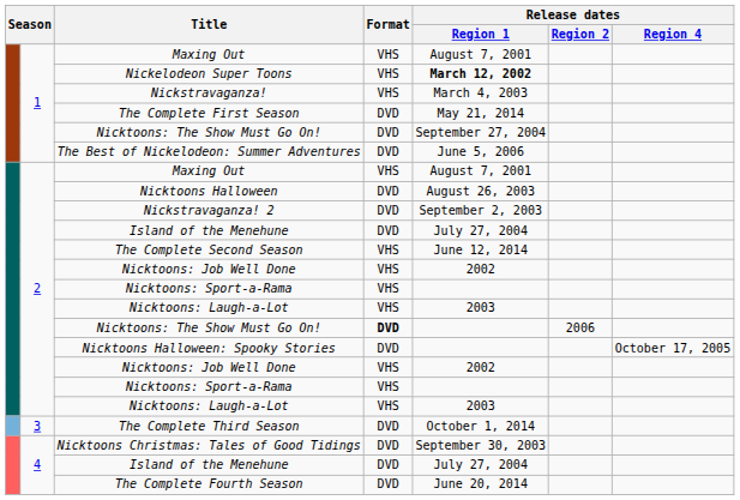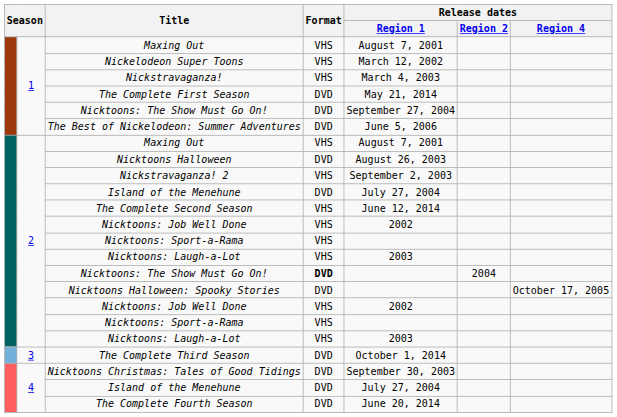 <table class="wikitable sortable" style="text-align:center">
 <tr>
 <th colspan=2 rowspan=2>Season</th>
 <th rowspan=2>Title</th>
 <th rowspan=2>Format</th>
 <th colspan=3>Release dates</th>
 </tr>
 <tr>
 <th><a href='#'>Region 1</a></th>
 <th><a href='#'>Region 2</a></th>
 <th><a href='#'>Region 4</a></th>
 </tr>
 <tr>
 <th rowspan="6" style="background:#9C380C"></th>
 <td rowspan="6"><a href='#'>1</a></td>
 <td><em>Maxing Out</em></td>
 <td>VHS</td>
 <td>August 7, 2001</td>
 <td></td>
 <td></td>
 </tr>
 <tr>
 <td><em>Nickelodeon Super Toons</em></td>
 <td>VHS</td>
-<td><strong>March 12, 2002</strong></td>
+<td>March 12, 2002</td>
 <td></td>
 <td></td>
 </tr>
 <tr>
 <td><em>Nickstravaganza!</em></td>
 <td>VHS</td>
 <td>March 4, 2003</td>
 <td></td>
 <td></td>
 </tr>
 <tr>
 <td><em>The Complete First Season</em></td>
 <td>DVD</td>
 <td>May 21, 2014</td>
 <td></td>
 <td></td>
 </tr>
 <tr>
 <td><em>Nicktoons: The Show Must Go On!</em></td>
 <td>DVD</td>
 <td>September 27, 2004</td>
 <td></td>
 <td></td>
 </tr>
 <tr>
 <td><em>The Best of Nickelodeon: Summer Adventures</em></td>
 <td>DVD</td>
 <td>June 5, 2006</td>
 <td></td>
 <td></td>
 </tr>
 <tr>
 <th rowspan="13" style="background:#006161"></th>
 <td rowspan="13"><a href='#'>2</a></td>
 <td><em>Maxing Out</em></td>
 <td>VHS</td>
 <td>August 7, 2001</td>
 <td></td>
 <td></td>
 </tr>
 <tr>
 <td><em>Nicktoons Halloween</em></td>
 <td>DVD</td>
 <td>August 26, 2003</td>
 <td></td>
 <td></td>
 </tr>
 <tr>
 <td><em>Nickstravaganza! 2</em></td>
-<td>DVD</td>
+<td>VHS</td>
 <td>September 2, 2003</td>
 <td></td>
 <td></td>
 </tr>
 <tr>
 <td><em>Island of the Menehune</em></td>
 <td>DVD</td>
 <td>July 27, 2004</td>
 <td></td>
 <td></td>
 </tr>
 <tr>
 <td><em>The Complete Second Season</em></td>
 <td>VHS</td>
 <td>June 12, 2014</td>
 <td></td>
 <td></td>
 </tr>
 <tr>
 <td><em>Nicktoons: Job Well Done</em></td>
 <td>VHS</td>
 <td>2002</td>
 <td></td>
 <td></td>
 </tr>
 <tr>
 <td><em>Nicktoons: Sport-a-Rama</em></td>
 <td>VHS</td>
 <td></td>
 <td></td>
 <td></td>
 </tr>
 <tr>
 <td><em>Nicktoons: Laugh-a-Lot</em></td>
 <td>VHS</td>
 <td>2003</td>
 <td></td>
 <td></td>
 </tr>
 <tr>
 <td><em>Nicktoons: The Show Must Go On!</em></td>
 <td><strong>DVD</strong></td>
 <td></td>
-<td>2006</td>
+<td>2004</td>
 <td></td>
 </tr>
 <tr>
 <td><em>Nicktoons Halloween: Spooky Stories</em></td>
 <td>DVD</td>
 <td></td>
 <td></td>
 <td>October 17, 2005</td>
 </tr>
 <tr>
 <td><em>Nicktoons: Job Well Done</em></td>
 <td>VHS</td>
 <td>2002</td>
 <td></td>
 <td></td>
 </tr>
 <tr>
 <td><em>Nicktoons: Sport-a-Rama</em></td>
 <td>VHS</td>
 <td></td>
 <td></td>
 <td></td>
 </tr>
 <tr>
 <td><em>Nicktoons: Laugh-a-Lot</em></td>
 <td>VHS</td>
 <td>2003</td>
 <td></td>
 <td></td>
 </tr>
 <tr>
 <th style="background:#73B1DA"></th>
 <td><a href='#'>3</a></td>
 <td><em>The Complete Third Season</em></td>
 <td>DVD</td>
 <td>October 1, 2014</td>
 <td></td>
 <td></td>
 </tr>
 <tr>
 <th rowspan="3" style="background:#FF5F5F"></th>
 <td rowspan="3"><a href='#'>4</a></td>
 <td><em>Nicktoons Christmas: Tales of Good Tidings</em></td>
 <td>DVD</td>
 <td>September 30, 2003</td>
 <td></td>
 <td></td>
 </tr>
 <tr>
 <td><em>Island of the Menehune</em></td>
 <td>DVD</td>
 <td>July 27, 2004</td>
 <td></td>
 <td></td>
 </tr>
 <tr>
 <td><em>The Complete Fourth Season</em></td>
 <td>DVD</td>
 <td>June 20, 2014</td>
 <td></td>
 <td></td>
 </tr>
 </table>
